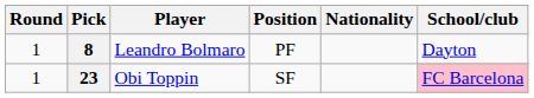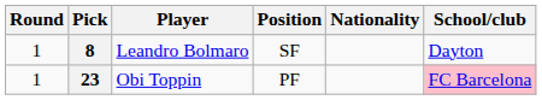 <table class="wikitable">
 <tr>
 <th scope="col">Round</th>
 <th scope="col">Pick</th>
 <th scope="col">Player</th>
 <th scope="col">Position</th>
 <th scope="col">Nationality</th>
 <th scope="col">School/club</th>
 </tr>
 <tr>
 <td style="text-align:center;">1</td>
 <th scope="row">8</th>
 <td><a href='#'>Leandro Bolmaro</a></td>
-<td style="text-align:center;">PF</td>
+<td style="text-align:center;">SF</td>
 <td></td>
 <td><a href='#'>Dayton</a></td>
 </tr>
 <tr>
 <td style="text-align:center;">1</td>
 <th scope="row">23</th>
 <td><a href='#'>Obi Toppin</a></td>
-<td style="text-align:center;">SF</td>
+<td style="text-align:center;">PF</td>
 <td></td>
 <td style="background: pink;"><a href='#'>FC Barcelona</a></td>
 </tr>
 </table>
